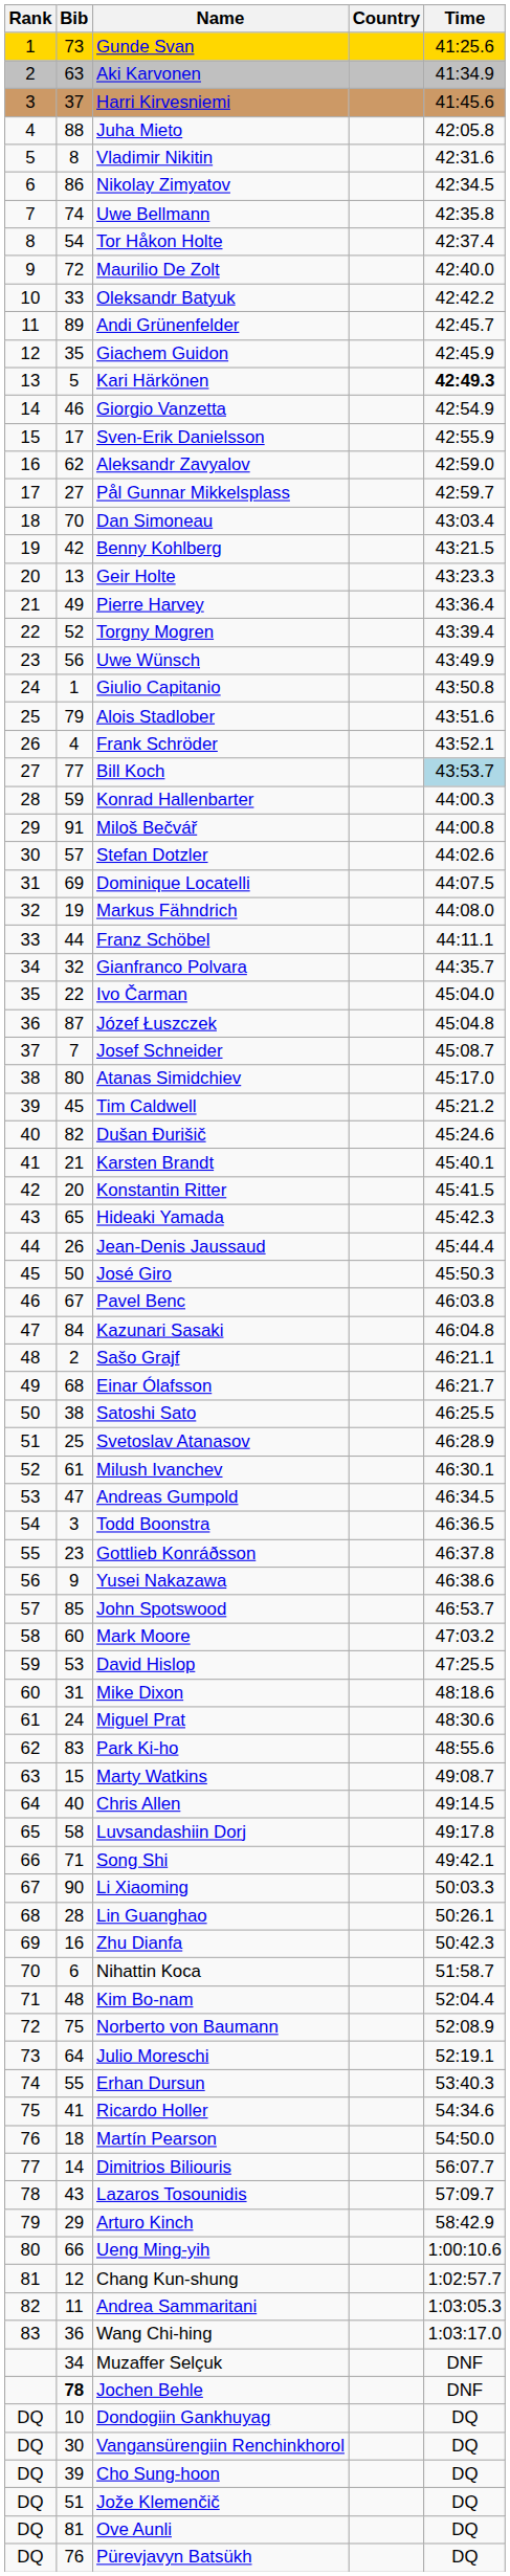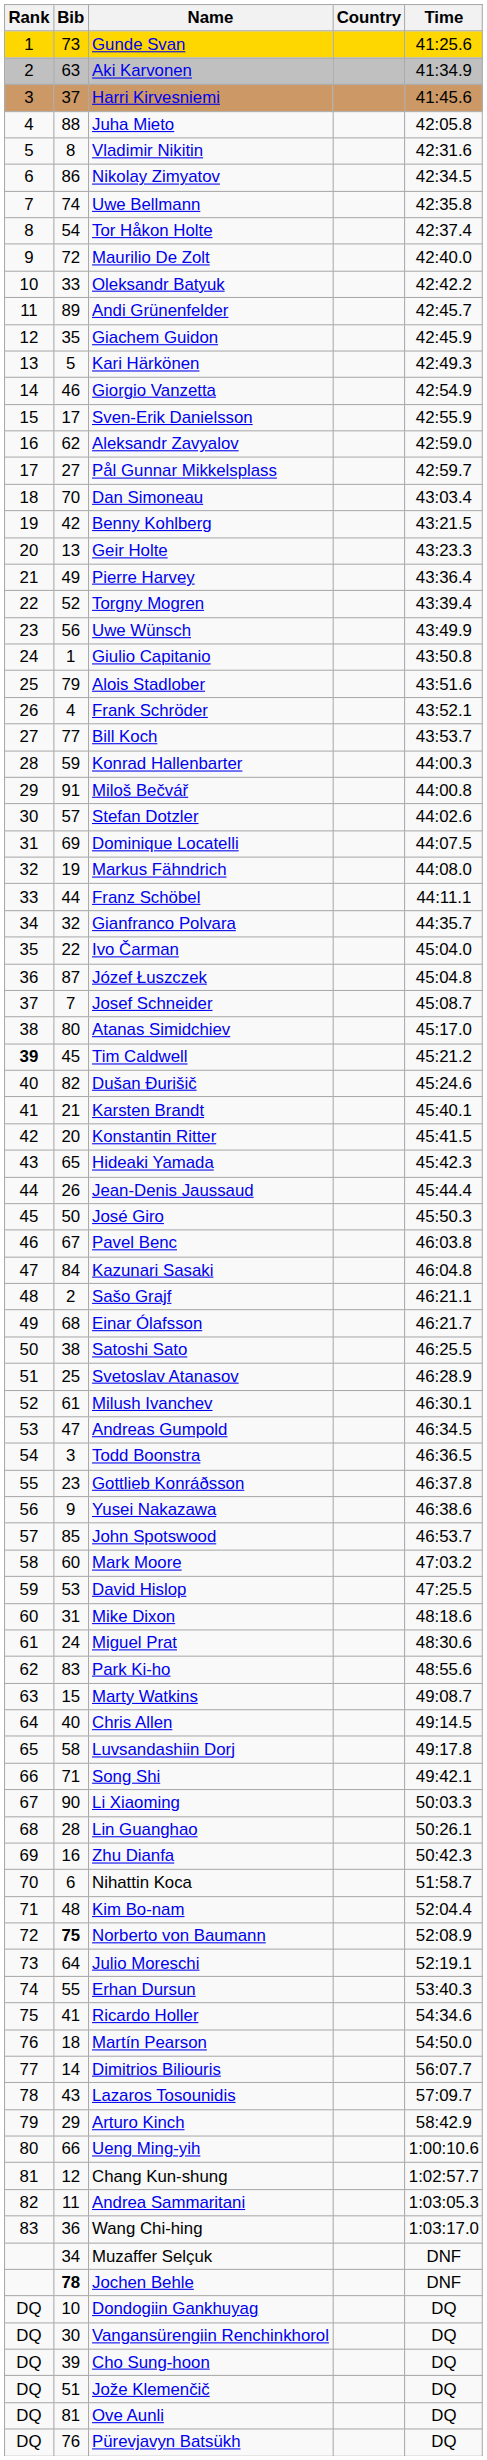 <table class="wikitable sortable" style="text-align:center">
 <tr>
 <th>Rank</th>
 <th>Bib</th>
 <th>Name</th>
 <th>Country</th>
 <th>Time</th>
 </tr>
 <tr bgcolor=gold>
 <td>1</td>
 <td>73</td>
 <td align="left"><a href='#'>Gunde Svan</a></td>
 <td align="left"></td>
 <td>41:25.6</td>
 </tr>
 <tr bgcolor=silver>
 <td>2</td>
 <td>63</td>
 <td align="left"><a href='#'>Aki Karvonen</a></td>
 <td align="left"></td>
 <td>41:34.9</td>
 </tr>
 <tr bgcolor=#CC9966>
 <td>3</td>
 <td>37</td>
 <td align="left"><a href='#'>Harri Kirvesniemi</a></td>
 <td align="left"></td>
 <td>41:45.6</td>
 </tr>
 <tr>
 <td>4</td>
 <td>88</td>
 <td align="left"><a href='#'>Juha Mieto</a></td>
 <td align="left"></td>
 <td>42:05.8</td>
 </tr>
 <tr>
 <td>5</td>
 <td>8</td>
 <td align="left"><a href='#'>Vladimir Nikitin</a></td>
 <td align="left"></td>
 <td>42:31.6</td>
 </tr>
 <tr>
 <td>6</td>
 <td>86</td>
 <td align="left"><a href='#'>Nikolay Zimyatov</a></td>
 <td align="left"></td>
 <td>42:34.5</td>
 </tr>
 <tr>
 <td>7</td>
 <td>74</td>
 <td align="left"><a href='#'>Uwe Bellmann</a></td>
 <td align="left"></td>
 <td>42:35.8</td>
 </tr>
 <tr>
 <td>8</td>
 <td>54</td>
 <td align="left"><a href='#'>Tor Håkon Holte</a></td>
 <td align="left"></td>
 <td>42:37.4</td>
 </tr>
 <tr>
 <td>9</td>
 <td>72</td>
 <td align="left"><a href='#'>Maurilio De Zolt</a></td>
 <td align="left"></td>
 <td>42:40.0</td>
 </tr>
 <tr>
 <td>10</td>
 <td>33</td>
 <td align="left"><a href='#'>Oleksandr Batyuk</a></td>
 <td align="left"></td>
 <td>42:42.2</td>
 </tr>
 <tr>
 <td>11</td>
 <td>89</td>
 <td align="left"><a href='#'>Andi Grünenfelder</a></td>
 <td align="left"></td>
 <td>42:45.7</td>
 </tr>
 <tr>
 <td>12</td>
 <td>35</td>
 <td align="left"><a href='#'>Giachem Guidon</a></td>
 <td align="left"></td>
 <td>42:45.9</td>
 </tr>
 <tr>
 <td>13</td>
 <td>5</td>
 <td align="left"><a href='#'>Kari Härkönen</a></td>
 <td align="left"></td>
-<td><strong>42:49.3</strong></td>
+<td>42:49.3</td>
 </tr>
 <tr>
 <td>14</td>
 <td>46</td>
 <td align="left"><a href='#'>Giorgio Vanzetta</a></td>
 <td align="left"></td>
 <td>42:54.9</td>
 </tr>
 <tr>
 <td>15</td>
 <td>17</td>
 <td align="left"><a href='#'>Sven-Erik Danielsson</a></td>
 <td align="left"></td>
 <td>42:55.9</td>
 </tr>
 <tr>
 <td>16</td>
 <td>62</td>
 <td align="left"><a href='#'>Aleksandr Zavyalov</a></td>
 <td align="left"></td>
 <td>42:59.0</td>
 </tr>
 <tr>
 <td>17</td>
 <td>27</td>
 <td align="left"><a href='#'>Pål Gunnar Mikkelsplass</a></td>
 <td align="left"></td>
 <td>42:59.7</td>
 </tr>
 <tr>
 <td>18</td>
 <td>70</td>
 <td align="left"><a href='#'>Dan Simoneau</a></td>
 <td align="left"></td>
 <td>43:03.4</td>
 </tr>
 <tr>
 <td>19</td>
 <td>42</td>
 <td align="left"><a href='#'>Benny Kohlberg</a></td>
 <td align="left"></td>
 <td>43:21.5</td>
 </tr>
 <tr>
 <td>20</td>
 <td>13</td>
 <td align="left"><a href='#'>Geir Holte</a></td>
 <td align="left"></td>
 <td>43:23.3</td>
 </tr>
 <tr>
 <td>21</td>
 <td>49</td>
 <td align="left"><a href='#'>Pierre Harvey</a></td>
 <td align="left"></td>
 <td>43:36.4</td>
 </tr>
 <tr>
 <td>22</td>
 <td>52</td>
 <td align="left"><a href='#'>Torgny Mogren</a></td>
 <td align="left"></td>
 <td>43:39.4</td>
 </tr>
 <tr>
 <td>23</td>
 <td>56</td>
 <td align="left"><a href='#'>Uwe Wünsch</a></td>
 <td align="left"></td>
 <td>43:49.9</td>
 </tr>
 <tr>
 <td>24</td>
 <td>1</td>
 <td align="left"><a href='#'>Giulio Capitanio</a></td>
 <td align="left"></td>
 <td>43:50.8</td>
 </tr>
 <tr>
 <td>25</td>
 <td>79</td>
 <td align="left"><a href='#'>Alois Stadlober</a></td>
 <td align="left"></td>
 <td>43:51.6</td>
 </tr>
 <tr>
 <td>26</td>
 <td>4</td>
 <td align="left"><a href='#'>Frank Schröder</a></td>
 <td align="left"></td>
 <td>43:52.1</td>
 </tr>
 <tr>
 <td>27</td>
 <td>77</td>
 <td align="left"><a href='#'>Bill Koch</a></td>
 <td align="left"></td>
-<td style="background: lightblue;">43:53.7</td>
+<td>43:53.7</td>
 </tr>
 <tr>
 <td>28</td>
 <td>59</td>
 <td align="left"><a href='#'>Konrad Hallenbarter</a></td>
 <td align="left"></td>
 <td>44:00.3</td>
 </tr>
 <tr>
 <td>29</td>
 <td>91</td>
 <td align="left"><a href='#'>Miloš Bečvář</a></td>
 <td align="left"></td>
 <td>44:00.8</td>
 </tr>
 <tr>
 <td>30</td>
 <td>57</td>
 <td align="left"><a href='#'>Stefan Dotzler</a></td>
 <td align="left"></td>
 <td>44:02.6</td>
 </tr>
 <tr>
 <td>31</td>
 <td>69</td>
 <td align="left"><a href='#'>Dominique Locatelli</a></td>
 <td align="left"></td>
 <td>44:07.5</td>
 </tr>
 <tr>
 <td>32</td>
 <td>19</td>
 <td align="left"><a href='#'>Markus Fähndrich</a></td>
 <td align="left"></td>
 <td>44:08.0</td>
 </tr>
 <tr>
 <td>33</td>
 <td>44</td>
 <td align="left"><a href='#'>Franz Schöbel</a></td>
 <td align="left"></td>
 <td>44:11.1</td>
 </tr>
 <tr>
 <td>34</td>
 <td>32</td>
 <td align="left"><a href='#'>Gianfranco Polvara</a></td>
 <td align="left"></td>
 <td>44:35.7</td>
 </tr>
 <tr>
 <td>35</td>
 <td>22</td>
 <td align="left"><a href='#'>Ivo Čarman</a></td>
 <td align="left"></td>
 <td>45:04.0</td>
 </tr>
 <tr>
 <td>36</td>
 <td>87</td>
 <td align="left"><a href='#'>Józef Łuszczek</a></td>
 <td align="left"></td>
 <td>45:04.8</td>
 </tr>
 <tr>
 <td>37</td>
 <td>7</td>
 <td align="left"><a href='#'>Josef Schneider</a></td>
 <td align="left"></td>
 <td>45:08.7</td>
 </tr>
 <tr>
 <td>38</td>
 <td>80</td>
 <td align="left"><a href='#'>Atanas Simidchiev</a></td>
 <td align="left"></td>
 <td>45:17.0</td>
 </tr>
 <tr>
-<td>39</td>
+<td><strong>39</strong></td>
 <td>45</td>
 <td align="left"><a href='#'>Tim Caldwell</a></td>
 <td align="left"></td>
 <td>45:21.2</td>
 </tr>
 <tr>
 <td>40</td>
 <td>82</td>
 <td align="left"><a href='#'>Dušan Đurišič</a></td>
 <td align="left"></td>
 <td>45:24.6</td>
 </tr>
 <tr>
 <td>41</td>
 <td>21</td>
 <td align="left"><a href='#'>Karsten Brandt</a></td>
 <td align="left"></td>
 <td>45:40.1</td>
 </tr>
 <tr>
 <td>42</td>
 <td>20</td>
 <td align="left"><a href='#'>Konstantin Ritter</a></td>
 <td align="left"></td>
 <td>45:41.5</td>
 </tr>
 <tr>
 <td>43</td>
 <td>65</td>
 <td align="left"><a href='#'>Hideaki Yamada</a></td>
 <td align="left"></td>
 <td>45:42.3</td>
 </tr>
 <tr>
 <td>44</td>
 <td>26</td>
 <td align="left"><a href='#'>Jean-Denis Jaussaud</a></td>
 <td align="left"></td>
 <td>45:44.4</td>
 </tr>
 <tr>
 <td>45</td>
 <td>50</td>
 <td align="left"><a href='#'>José Giro</a></td>
 <td align="left"></td>
 <td>45:50.3</td>
 </tr>
 <tr>
 <td>46</td>
 <td>67</td>
 <td align="left"><a href='#'>Pavel Benc</a></td>
 <td align="left"></td>
 <td>46:03.8</td>
 </tr>
 <tr>
 <td>47</td>
 <td>84</td>
 <td align="left"><a href='#'>Kazunari Sasaki</a></td>
 <td align="left"></td>
 <td>46:04.8</td>
 </tr>
 <tr>
 <td>48</td>
 <td>2</td>
 <td align="left"><a href='#'>Sašo Grajf</a></td>
 <td align="left"></td>
 <td>46:21.1</td>
 </tr>
 <tr>
 <td>49</td>
 <td>68</td>
 <td align="left"><a href='#'>Einar Ólafsson</a></td>
 <td align="left"></td>
 <td>46:21.7</td>
 </tr>
 <tr>
 <td>50</td>
 <td>38</td>
 <td align="left"><a href='#'>Satoshi Sato</a></td>
 <td align="left"></td>
 <td>46:25.5</td>
 </tr>
 <tr>
 <td>51</td>
 <td>25</td>
 <td align="left"><a href='#'>Svetoslav Atanasov</a></td>
 <td align="left"></td>
 <td>46:28.9</td>
 </tr>
 <tr>
 <td>52</td>
 <td>61</td>
 <td align="left"><a href='#'>Milush Ivanchev</a></td>
 <td align="left"></td>
 <td>46:30.1</td>
 </tr>
 <tr>
 <td>53</td>
 <td>47</td>
 <td align="left"><a href='#'>Andreas Gumpold</a></td>
 <td align="left"></td>
 <td>46:34.5</td>
 </tr>
 <tr>
 <td>54</td>
 <td>3</td>
 <td align="left"><a href='#'>Todd Boonstra</a></td>
 <td align="left"></td>
 <td>46:36.5</td>
 </tr>
 <tr>
 <td>55</td>
 <td>23</td>
 <td align="left"><a href='#'>Gottlieb Konráðsson</a></td>
 <td align="left"></td>
 <td>46:37.8</td>
 </tr>
 <tr>
 <td>56</td>
 <td>9</td>
 <td align="left"><a href='#'>Yusei Nakazawa</a></td>
 <td align="left"></td>
 <td>46:38.6</td>
 </tr>
 <tr>
 <td>57</td>
 <td>85</td>
 <td align="left"><a href='#'>John Spotswood</a></td>
 <td align="left"></td>
 <td>46:53.7</td>
 </tr>
 <tr>
 <td>58</td>
 <td>60</td>
 <td align="left"><a href='#'>Mark Moore</a></td>
 <td align="left"></td>
 <td>47:03.2</td>
 </tr>
 <tr>
 <td>59</td>
 <td>53</td>
 <td align="left"><a href='#'>David Hislop</a></td>
 <td align="left"></td>
 <td>47:25.5</td>
 </tr>
 <tr>
 <td>60</td>
 <td>31</td>
 <td align="left"><a href='#'>Mike Dixon</a></td>
 <td align="left"></td>
 <td>48:18.6</td>
 </tr>
 <tr>
 <td>61</td>
 <td>24</td>
 <td align="left"><a href='#'>Miguel Prat</a></td>
 <td align="left"></td>
 <td>48:30.6</td>
 </tr>
 <tr>
 <td>62</td>
 <td>83</td>
 <td align="left"><a href='#'>Park Ki-ho</a></td>
 <td align="left"></td>
 <td>48:55.6</td>
 </tr>
 <tr>
 <td>63</td>
 <td>15</td>
 <td align="left"><a href='#'>Marty Watkins</a></td>
 <td align="left"></td>
 <td>49:08.7</td>
 </tr>
 <tr>
 <td>64</td>
 <td>40</td>
 <td align="left"><a href='#'>Chris Allen</a></td>
 <td align="left"></td>
 <td>49:14.5</td>
 </tr>
 <tr>
 <td>65</td>
 <td>58</td>
 <td align="left"><a href='#'>Luvsandashiin Dorj</a></td>
 <td align="left"></td>
 <td>49:17.8</td>
 </tr>
 <tr>
 <td>66</td>
 <td>71</td>
 <td align="left"><a href='#'>Song Shi</a></td>
 <td align="left"></td>
 <td>49:42.1</td>
 </tr>
 <tr>
 <td>67</td>
 <td>90</td>
 <td align="left"><a href='#'>Li Xiaoming</a></td>
 <td align="left"></td>
 <td>50:03.3</td>
 </tr>
 <tr>
 <td>68</td>
 <td>28</td>
 <td align="left"><a href='#'>Lin Guanghao</a></td>
 <td align="left"></td>
 <td>50:26.1</td>
 </tr>
 <tr>
 <td>69</td>
 <td>16</td>
 <td align="left"><a href='#'>Zhu Dianfa</a></td>
 <td align="left"></td>
 <td>50:42.3</td>
 </tr>
 <tr>
 <td>70</td>
 <td>6</td>
 <td align="left">Nihattin Koca</td>
 <td align="left"></td>
 <td>51:58.7</td>
 </tr>
 <tr>
 <td>71</td>
 <td>48</td>
 <td align="left"><a href='#'>Kim Bo-nam</a></td>
 <td align="left"></td>
 <td>52:04.4</td>
 </tr>
 <tr>
 <td>72</td>
-<td>75</td>
+<td><strong>75</strong></td>
 <td align="left"><a href='#'>Norberto von Baumann</a></td>
 <td align="left"></td>
 <td>52:08.9</td>
 </tr>
 <tr>
 <td>73</td>
 <td>64</td>
 <td align="left"><a href='#'>Julio Moreschi</a></td>
 <td align="left"></td>
 <td>52:19.1</td>
 </tr>
 <tr>
 <td>74</td>
 <td>55</td>
 <td align="left"><a href='#'>Erhan Dursun</a></td>
 <td align="left"></td>
 <td>53:40.3</td>
 </tr>
 <tr>
 <td>75</td>
 <td>41</td>
 <td align="left"><a href='#'>Ricardo Holler</a></td>
 <td align="left"></td>
 <td>54:34.6</td>
 </tr>
 <tr>
 <td>76</td>
 <td>18</td>
 <td align="left"><a href='#'>Martín Pearson</a></td>
 <td align="left"></td>
 <td>54:50.0</td>
 </tr>
 <tr>
 <td>77</td>
 <td>14</td>
 <td align="left"><a href='#'>Dimitrios Biliouris</a></td>
 <td align="left"></td>
 <td>56:07.7</td>
 </tr>
 <tr>
 <td>78</td>
 <td>43</td>
 <td align="left"><a href='#'>Lazaros Tosounidis</a></td>
 <td align="left"></td>
 <td>57:09.7</td>
 </tr>
 <tr>
 <td>79</td>
 <td>29</td>
 <td align="left"><a href='#'>Arturo Kinch</a></td>
 <td align="left"></td>
 <td>58:42.9</td>
 </tr>
 <tr>
 <td>80</td>
 <td>66</td>
 <td align="left"><a href='#'>Ueng Ming-yih</a></td>
 <td align="left"></td>
 <td>1:00:10.6</td>
 </tr>
 <tr>
 <td>81</td>
 <td>12</td>
 <td align="left">Chang Kun-shung</td>
 <td align="left"></td>
 <td>1:02:57.7</td>
 </tr>
 <tr>
 <td>82</td>
 <td>11</td>
 <td align="left"><a href='#'>Andrea Sammaritani</a></td>
 <td align="left"></td>
 <td>1:03:05.3</td>
 </tr>
 <tr>
 <td>83</td>
 <td>36</td>
 <td align="left">Wang Chi-hing</td>
 <td align="left"></td>
 <td>1:03:17.0</td>
 </tr>
 <tr>
 <td></td>
 <td>34</td>
 <td align="left">Muzaffer Selçuk</td>
 <td align="left"></td>
 <td>DNF</td>
 </tr>
 <tr>
 <td></td>
 <td><strong>78</strong></td>
 <td align="left"><a href='#'>Jochen Behle</a></td>
 <td align="left"></td>
 <td>DNF</td>
 </tr>
 <tr>
 <td> DQ</td>
 <td>10</td>
 <td align="left"><a href='#'>Dondogiin Gankhuyag</a></td>
 <td align="left"></td>
 <td>DQ</td>
 </tr>
 <tr>
 <td> DQ</td>
 <td>30</td>
 <td align="left"><a href='#'>Vangansürengiin Renchinkhorol</a></td>
 <td align="left"></td>
 <td>DQ</td>
 </tr>
 <tr>
 <td> DQ</td>
 <td>39</td>
 <td align="left"><a href='#'>Cho Sung-hoon</a></td>
 <td align="left"></td>
 <td>DQ</td>
 </tr>
 <tr>
 <td> DQ</td>
 <td>51</td>
 <td align="left"><a href='#'>Jože Klemenčič</a></td>
 <td align="left"></td>
 <td>DQ</td>
 </tr>
 <tr>
 <td> DQ</td>
 <td>81</td>
 <td align="left"><a href='#'>Ove Aunli</a></td>
 <td align="left"></td>
 <td>DQ</td>
 </tr>
 <tr>
 <td> DQ</td>
 <td>76</td>
 <td align="left"><a href='#'>Pürevjavyn Batsükh</a></td>
 <td align="left"></td>
 <td>DQ</td>
 </tr>
 </table>
